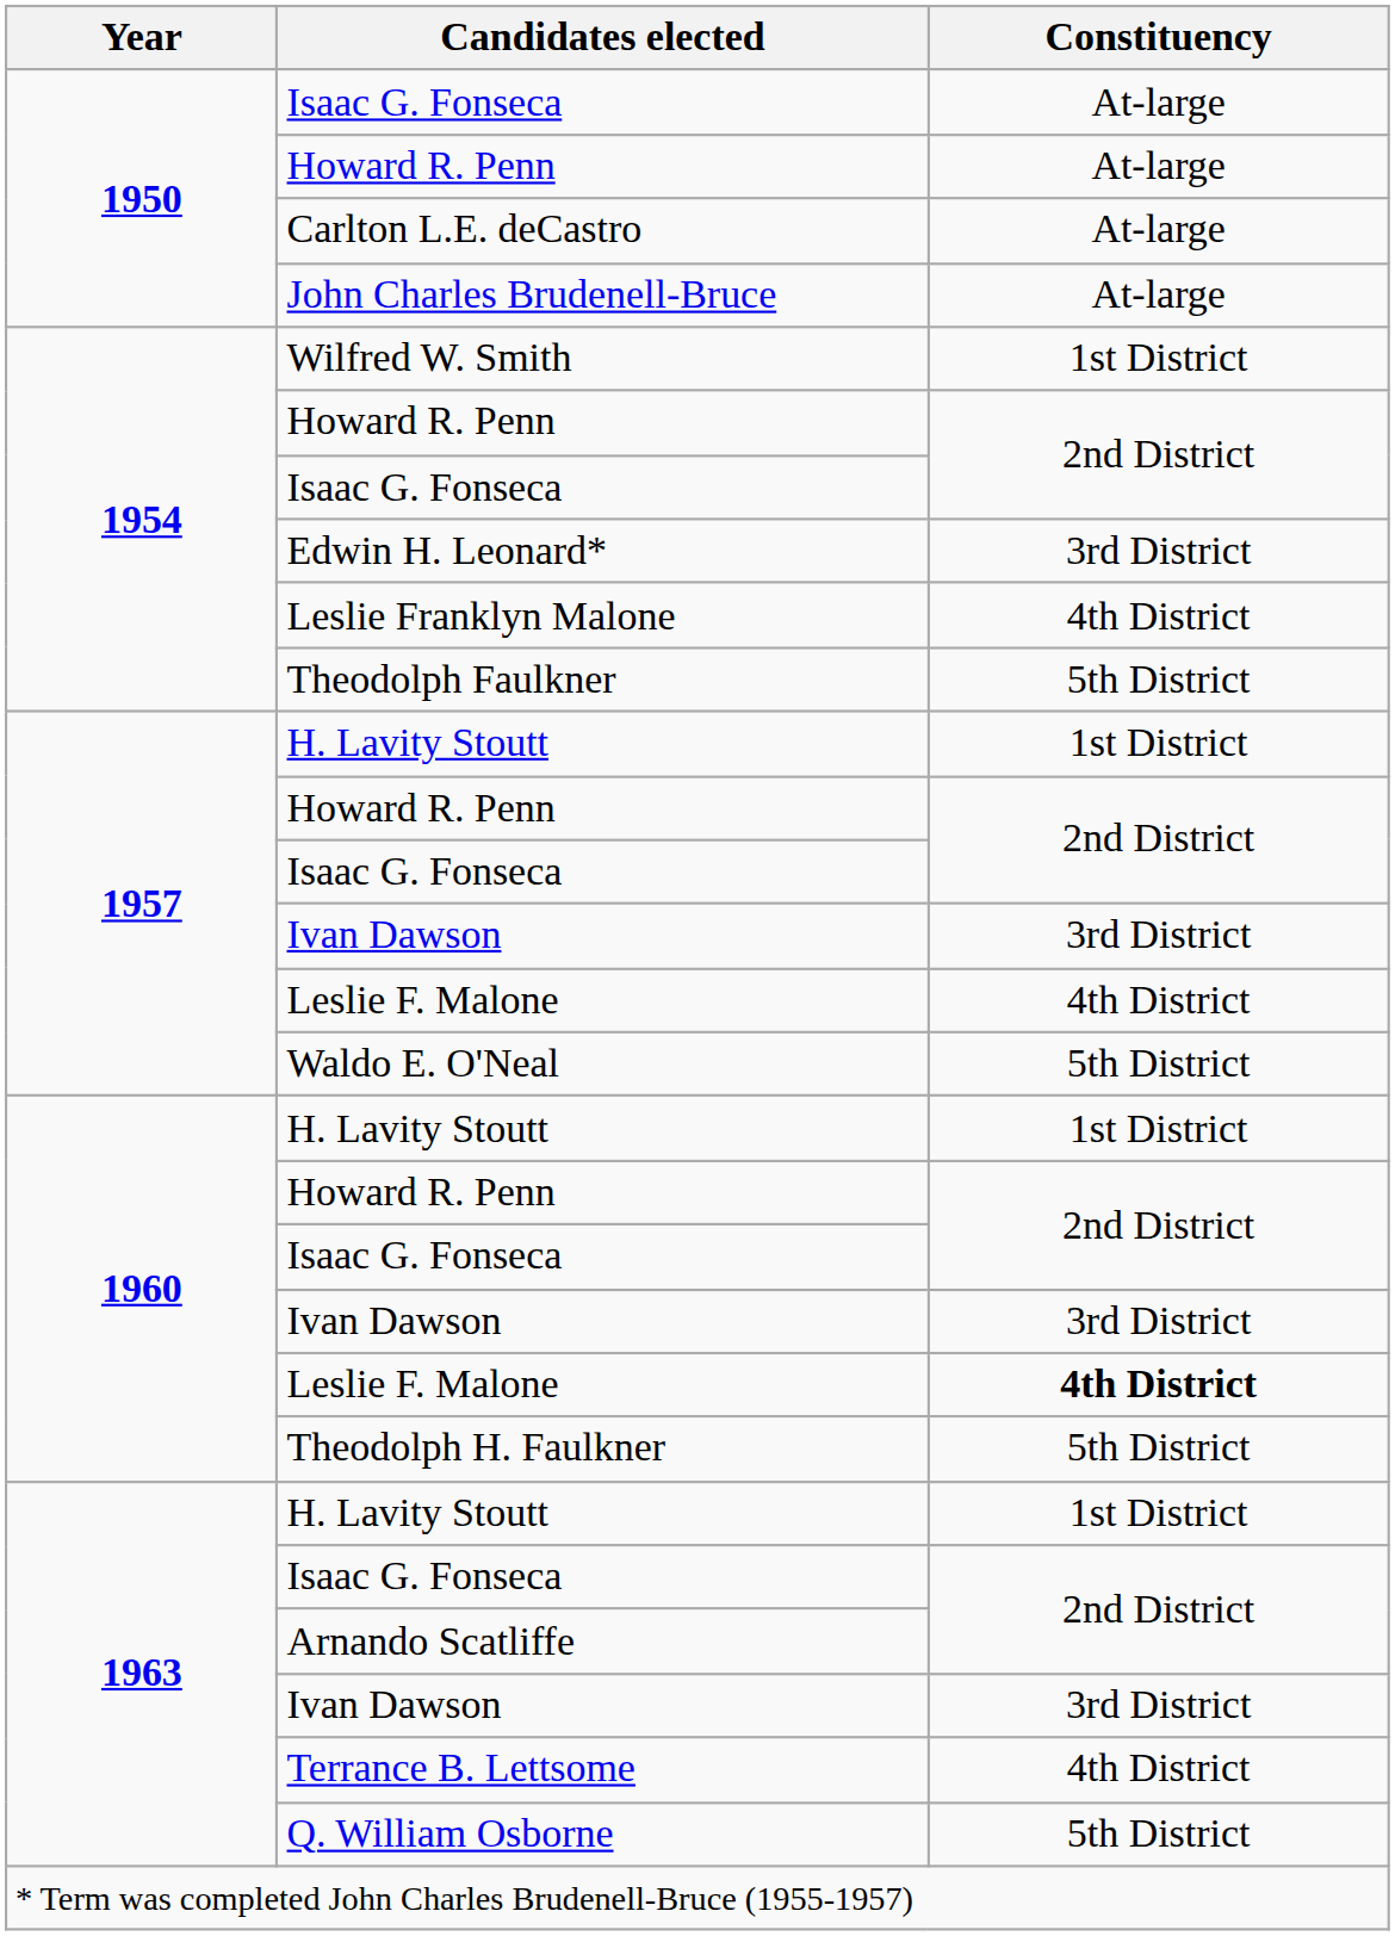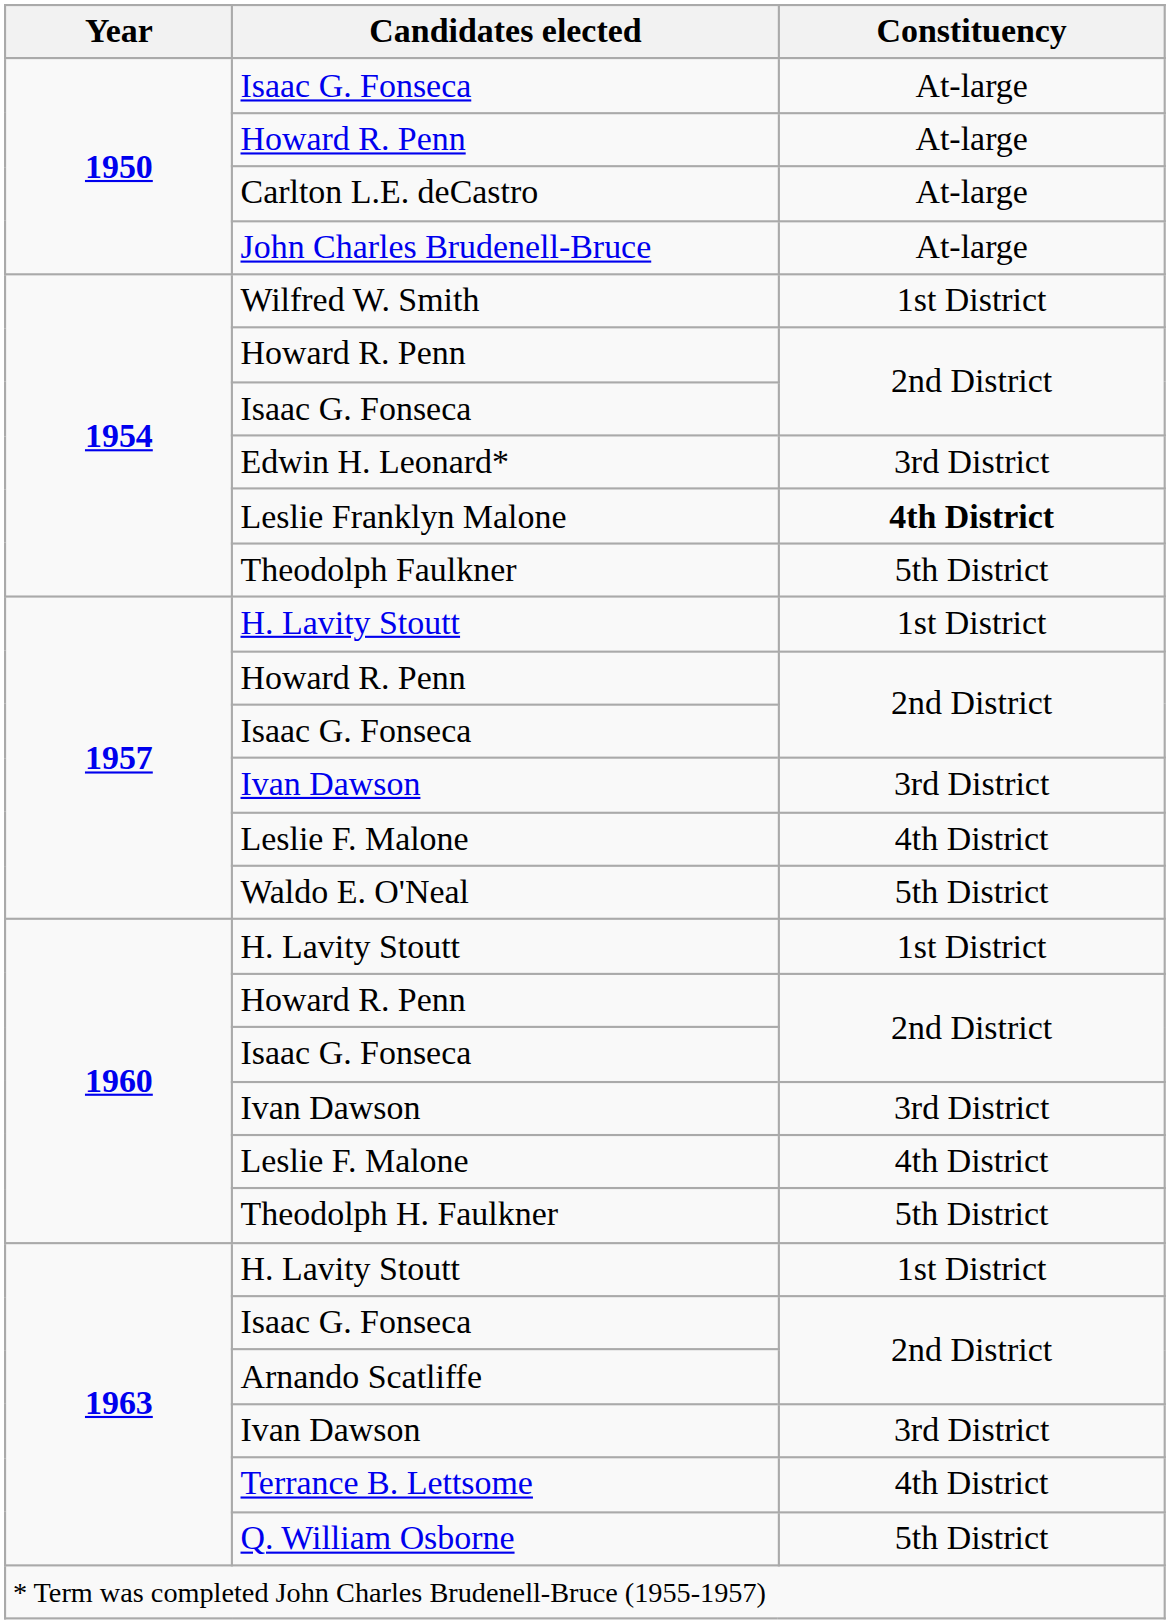 <table class="wikitable">
 <tr>
 <th align="center" width="100">Year</th>
 <th align="center" width="250">Candidates elected</th>
 <th align="center" width="175">Constituency</th>
 </tr>
 <tr>
 <td rowspan=4 align="center"><strong><a href='#'>1950</a></strong></td>
 <td><a href='#'>Isaac G. Fonseca</a></td>
 <td align="center">At-large</td>
 </tr>
 <tr>
 <td><a href='#'>Howard R. Penn</a></td>
 <td align="center">At-large</td>
 </tr>
 <tr>
 <td>Carlton L.E. deCastro</td>
 <td align="center">At-large</td>
 </tr>
 <tr>
 <td><a href='#'>John Charles Brudenell-Bruce</a></td>
 <td align="center">At-large</td>
 </tr>
 <tr>
 <td rowspan=6 align="center"><strong><a href='#'>1954</a></strong></td>
 <td>Wilfred W. Smith</td>
 <td align="center">1st District</td>
 </tr>
 <tr>
 <td Howard Reynold Penn>Howard R. Penn</td>
 <td rowspan=2 align="center">2nd District</td>
 </tr>
 <tr>
 <td>Isaac G. Fonseca</td>
 </tr>
 <tr>
 <td>Edwin H. Leonard*</td>
 <td align="center">3rd District</td>
 </tr>
 <tr>
 <td>Leslie Franklyn Malone</td>
-<td align="center">4th District</td>
+<td align="center"><strong>4th District</strong></td>
 </tr>
 <tr>
 <td>Theodolph Faulkner</td>
 <td align="center">5th District</td>
 </tr>
 <tr>
 <td rowspan=6 align="center"><strong><a href='#'>1957</a></strong></td>
 <td><a href='#'>H. Lavity Stoutt</a></td>
 <td align="center">1st District</td>
 </tr>
 <tr>
 <td>Howard R. Penn</td>
 <td rowspan=2 align="center">2nd District</td>
 </tr>
 <tr>
 <td>Isaac G. Fonseca</td>
 </tr>
 <tr>
 <td><a href='#'>Ivan Dawson</a></td>
 <td align="center">3rd District</td>
 </tr>
 <tr>
 <td>Leslie F. Malone</td>
 <td align="center">4th District</td>
 </tr>
 <tr>
 <td>Waldo E. O'Neal</td>
 <td align="center">5th District</td>
 </tr>
 <tr>
 <td rowspan=6 align="center"><strong><a href='#'>1960</a></strong></td>
 <td>H. Lavity Stoutt</td>
 <td align="center">1st District</td>
 </tr>
 <tr>
 <td>Howard R. Penn</td>
 <td rowspan=2 align="center">2nd District</td>
 </tr>
 <tr>
 <td>Isaac G. Fonseca</td>
 </tr>
 <tr>
 <td>Ivan Dawson</td>
 <td align="center">3rd District</td>
 </tr>
 <tr>
 <td>Leslie F. Malone</td>
-<td align="center"><strong>4th District</strong></td>
+<td align="center">4th District</td>
 </tr>
 <tr>
 <td>Theodolph H. Faulkner</td>
 <td align="center">5th District</td>
 </tr>
 <tr>
 <td rowspan=6 align="center"><strong><a href='#'>1963</a></strong></td>
 <td>H. Lavity Stoutt</td>
 <td align="center">1st District</td>
 </tr>
 <tr>
 <td>Isaac G. Fonseca</td>
 <td rowspan=2 align="center">2nd District</td>
 </tr>
 <tr>
 <td>Arnando Scatliffe</td>
 </tr>
 <tr>
 <td>Ivan Dawson</td>
 <td align="center">3rd District</td>
 </tr>
 <tr>
 <td><a href='#'>Terrance B. Lettsome</a></td>
 <td align="center">4th District</td>
 </tr>
 <tr>
 <td><a href='#'>Q. William Osborne</a></td>
 <td align="center">5th District</td>
 </tr>
 <tr>
 <td colspan=3><small>* Term was completed John Charles Brudenell-Bruce (1955-1957)</small></td>
 </tr>
 </table>
